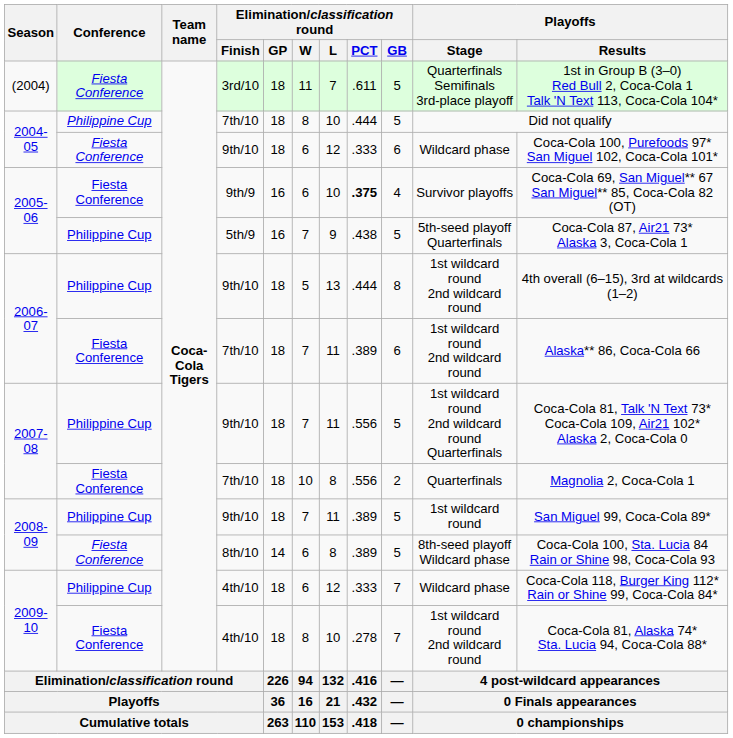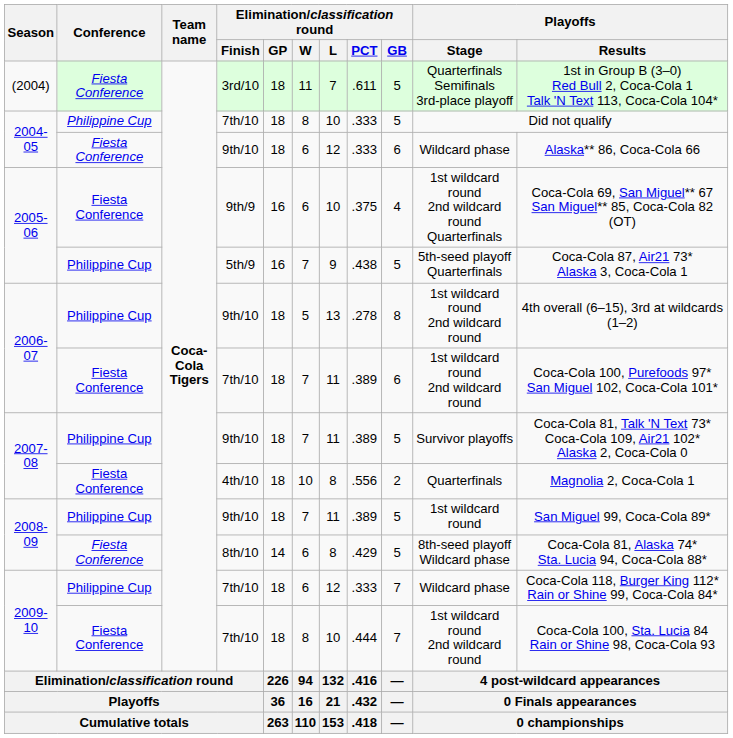 <table class=wikitable style="text-align:center;">
 <tr>
 <th width=50px rowspan=2>Season</th>
 <th width=120px rowspan=2>Conference</th>
 <th width=60px rowspan=2>Team name</th>
 <th colspan=6>Elimination/<em>classification</em> round</th>
 <th colspan=2>Playoffs</th>
 </tr>
 <tr>
 <th width=50px>Finish</th>
 <th width=20px>GP</th>
 <th width=20px>W</th>
 <th width=20px>L</th>
 <th width=35px><a href='#'>PCT</a></th>
 <th width=30px><a href='#'>GB</a></th>
 <th width=120px>Stage</th>
 <th width=250px>Results</th>
 </tr>
 <tr>
 <td>(2004)</td>
 <td bgcolor=#DDFFDD><em><a href='#'>Fiesta Conference</a></em></td>
 <td rowspan=13><strong>Coca-Cola Tigers</strong></td>
 <td bgcolor=#DDFFDD>3rd/10</td>
 <td bgcolor=#DDFFDD>18</td>
 <td bgcolor=#DDFFDD>11</td>
 <td bgcolor=#DDFFDD>7</td>
 <td bgcolor=#DDFFDD>.611</td>
 <td bgcolor=#DDFFDD>5</td>
 <td bgcolor=#DDFFDD>Quarterfinals<br>Semifinals<br>3rd-place playoff</td>
 <td bgcolor=#DDFFDD>1st in Group B (3–0)<br><a href='#'>Red Bull</a> 2, Coca-Cola 1<br><a href='#'>Talk 'N Text</a> 113, Coca-Cola 104*</td>
 </tr>
 <tr>
 <td rowspan=2><a href='#'>2004-05</a></td>
 <td><em><a href='#'>Philippine Cup</a></em></td>
 <td>7th/10</td>
 <td>18</td>
 <td>8</td>
 <td>10</td>
-<td>.444</td>
+<td>.333</td>
 <td>5</td>
 <td colspan=2>Did not qualify</td>
 </tr>
 <tr>
 <td><em><a href='#'>Fiesta Conference</a></em></td>
 <td>9th/10</td>
 <td>18</td>
 <td>6</td>
 <td>12</td>
 <td>.333</td>
 <td>6</td>
 <td>Wildcard phase</td>
-<td>Coca-Cola 100, <a href='#'>Purefoods</a> 97*<br><a href='#'>San Miguel</a> 102, Coca-Cola 101*</td>
+<td><a href='#'>Alaska</a>** 86, Coca-Cola 66</td>
 </tr>
 <tr>
 <td rowspan=2><a href='#'>2005-06</a></td>
 <td><a href='#'>Fiesta Conference</a></td>
 <td>9th/9</td>
 <td>16</td>
 <td>6</td>
 <td>10</td>
-<td><strong>.375</strong></td>
+<td>.375</td>
 <td>4</td>
-<td>Survivor playoffs</td>
+<td>1st wildcard round<br>2nd wildcard round<br>Quarterfinals</td>
 <td>Coca-Cola 69, <a href='#'>San Miguel</a>** 67<br><a href='#'>San Miguel</a>** 85, Coca-Cola 82 (OT)</td>
 </tr>
 <tr>
 <td><a href='#'>Philippine Cup</a></td>
 <td>5th/9</td>
 <td>16</td>
 <td>7</td>
 <td>9</td>
 <td>.438</td>
 <td>5</td>
 <td>5th-seed playoff<br>Quarterfinals</td>
 <td>Coca-Cola 87, <a href='#'>Air21</a> 73*<br><a href='#'>Alaska</a> 3, Coca-Cola 1</td>
 </tr>
 <tr>
 <td rowspan=2><a href='#'>2006-07</a></td>
 <td><a href='#'>Philippine Cup</a></td>
 <td>9th/10</td>
 <td>18</td>
 <td>5</td>
 <td>13</td>
-<td>.444</td>
+<td>.278</td>
 <td>8</td>
 <td>1st wildcard round<br>2nd wildcard round</td>
 <td>4th overall (6–15), 3rd at wildcards (1–2)</td>
 </tr>
 <tr>
 <td><a href='#'>Fiesta Conference</a></td>
 <td>7th/10</td>
 <td>18</td>
 <td>7</td>
 <td>11</td>
 <td>.389</td>
 <td>6</td>
 <td>1st wildcard round<br>2nd wildcard round</td>
-<td><a href='#'>Alaska</a>** 86, Coca-Cola 66</td>
+<td>Coca-Cola 100, <a href='#'>Purefoods</a> 97*<br><a href='#'>San Miguel</a> 102, Coca-Cola 101*</td>
 </tr>
 <tr>
 <td rowspan=2><a href='#'>2007-08</a></td>
 <td><a href='#'>Philippine Cup</a></td>
 <td>9th/10</td>
 <td>18</td>
 <td>7</td>
 <td>11</td>
-<td>.556</td>
+<td>.389</td>
 <td>5</td>
-<td>1st wildcard round<br>2nd wildcard round<br>Quarterfinals</td>
+<td>Survivor playoffs</td>
 <td>Coca-Cola 81, <a href='#'>Talk 'N Text</a> 73*<br>Coca-Cola 109, <a href='#'>Air21</a> 102*<br><a href='#'>Alaska</a> 2, Coca-Cola 0</td>
 </tr>
 <tr>
 <td><a href='#'>Fiesta Conference</a></td>
-<td>7th/10</td>
+<td>4th/10</td>
 <td>18</td>
 <td>10</td>
 <td>8</td>
 <td>.556</td>
 <td>2</td>
 <td>Quarterfinals</td>
 <td><a href='#'>Magnolia</a> 2, Coca-Cola 1</td>
 </tr>
 <tr>
 <td rowspan=2><a href='#'>2008-09</a></td>
 <td><a href='#'>Philippine Cup</a></td>
 <td>9th/10</td>
 <td>18</td>
 <td>7</td>
 <td>11</td>
 <td>.389</td>
 <td>5</td>
 <td>1st wildcard round</td>
 <td><a href='#'>San Miguel</a> 99, Coca-Cola 89*</td>
 </tr>
 <tr>
 <td><em><a href='#'>Fiesta Conference</a></em></td>
 <td>8th/10</td>
 <td>14</td>
 <td>6</td>
 <td>8</td>
-<td>.389</td>
+<td>.429</td>
 <td>5</td>
 <td>8th-seed playoff<br>Wildcard phase</td>
-<td>Coca-Cola 100, <a href='#'>Sta. Lucia</a> 84<br><a href='#'>Rain or Shine</a> 98, Coca-Cola 93</td>
+<td>Coca-Cola 81, <a href='#'>Alaska</a> 74*<br><a href='#'>Sta. Lucia</a> 94, Coca-Cola 88*</td>
 </tr>
 <tr>
 <td rowspan=2><a href='#'>2009-10</a></td>
 <td><a href='#'>Philippine Cup</a></td>
-<td>4th/10</td>
+<td>7th/10</td>
 <td>18</td>
 <td>6</td>
 <td>12</td>
 <td>.333</td>
 <td>7</td>
 <td>Wildcard phase</td>
 <td>Coca-Cola 118, <a href='#'>Burger King</a> 112*<br><a href='#'>Rain or Shine</a> 99, Coca-Cola 84*</td>
 </tr>
 <tr>
 <td><a href='#'>Fiesta Conference</a></td>
-<td>4th/10</td>
+<td>7th/10</td>
 <td>18</td>
 <td>8</td>
 <td>10</td>
-<td>.278</td>
+<td>.444</td>
 <td>7</td>
 <td>1st wildcard round<br>2nd wildcard round</td>
-<td>Coca-Cola 81, <a href='#'>Alaska</a> 74*<br><a href='#'>Sta. Lucia</a> 94, Coca-Cola 88*</td>
+<td>Coca-Cola 100, <a href='#'>Sta. Lucia</a> 84<br><a href='#'>Rain or Shine</a> 98, Coca-Cola 93</td>
 </tr>
 <tr>
 <th colspan=4>Elimination/<em>classification</em> round</th>
 <th>226</th>
 <th>94</th>
 <th>132</th>
 <th>.416</th>
 <th>—</th>
 <th colspan=2>4 post-wildcard appearances</th>
 </tr>
 <tr>
 <th colspan=4>Playoffs</th>
 <th>36</th>
 <th>16</th>
 <th>21</th>
 <th>.432</th>
 <th>—</th>
 <th colspan=2>0 Finals appearances</th>
 </tr>
 <tr>
 <th colspan=4>Cumulative totals</th>
 <th>263</th>
 <th>110</th>
 <th>153</th>
 <th>.418</th>
 <th>—</th>
 <th colspan=2>0 championships</th>
 </tr>
 </table>
